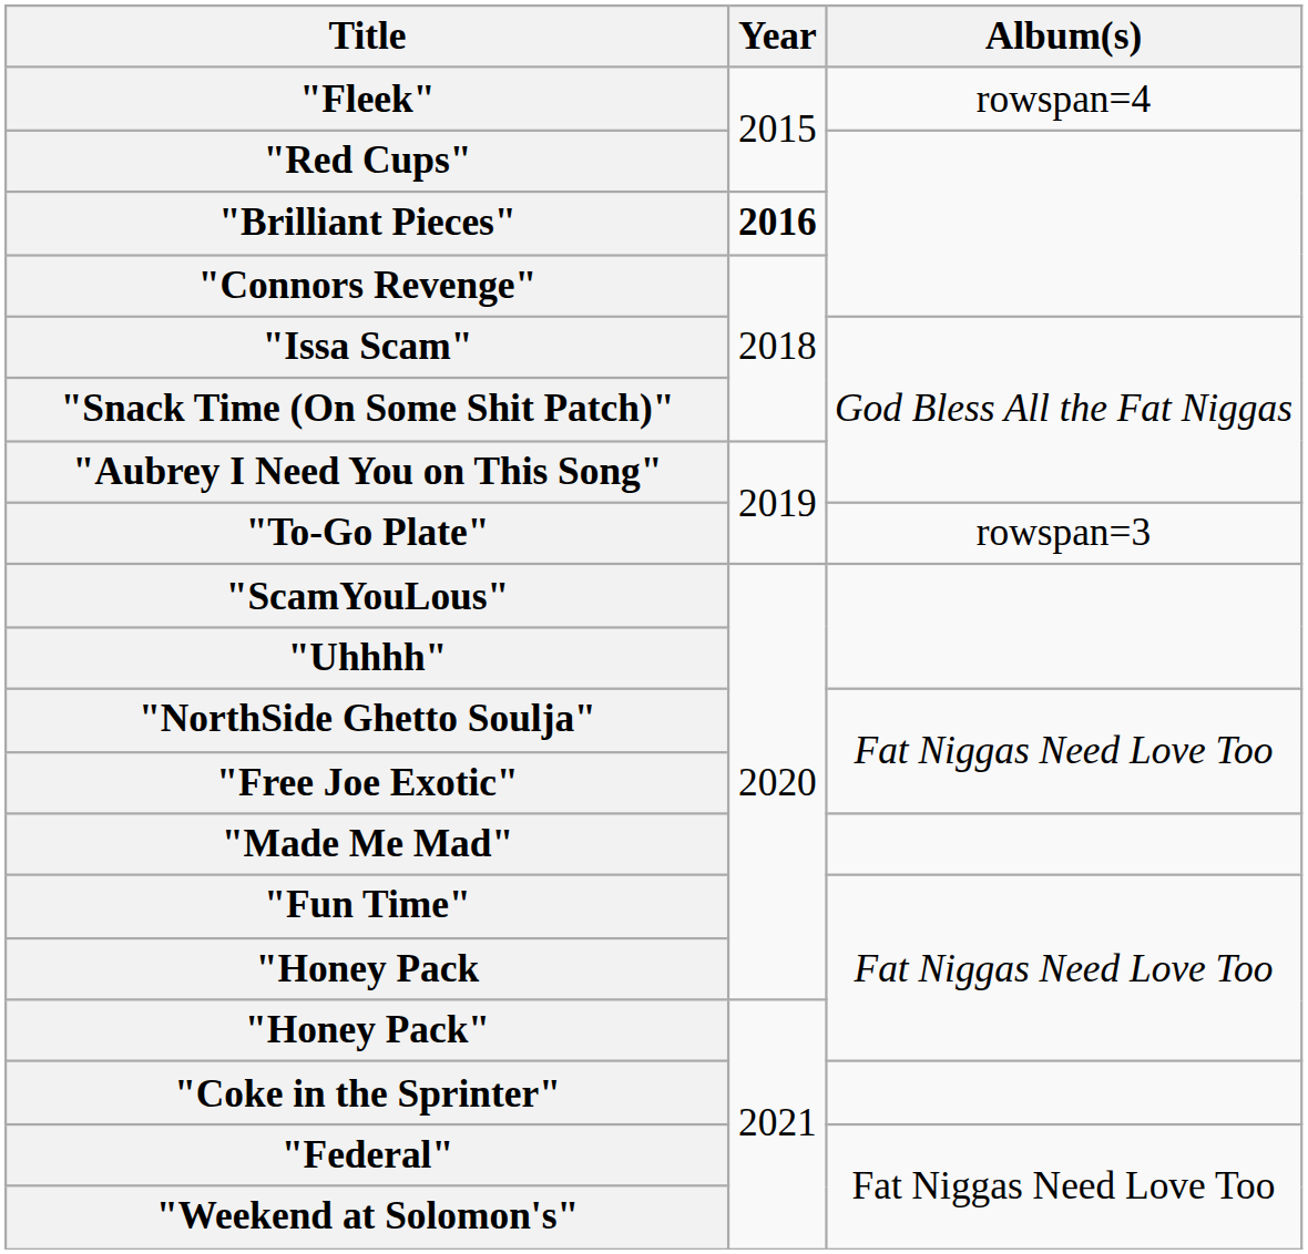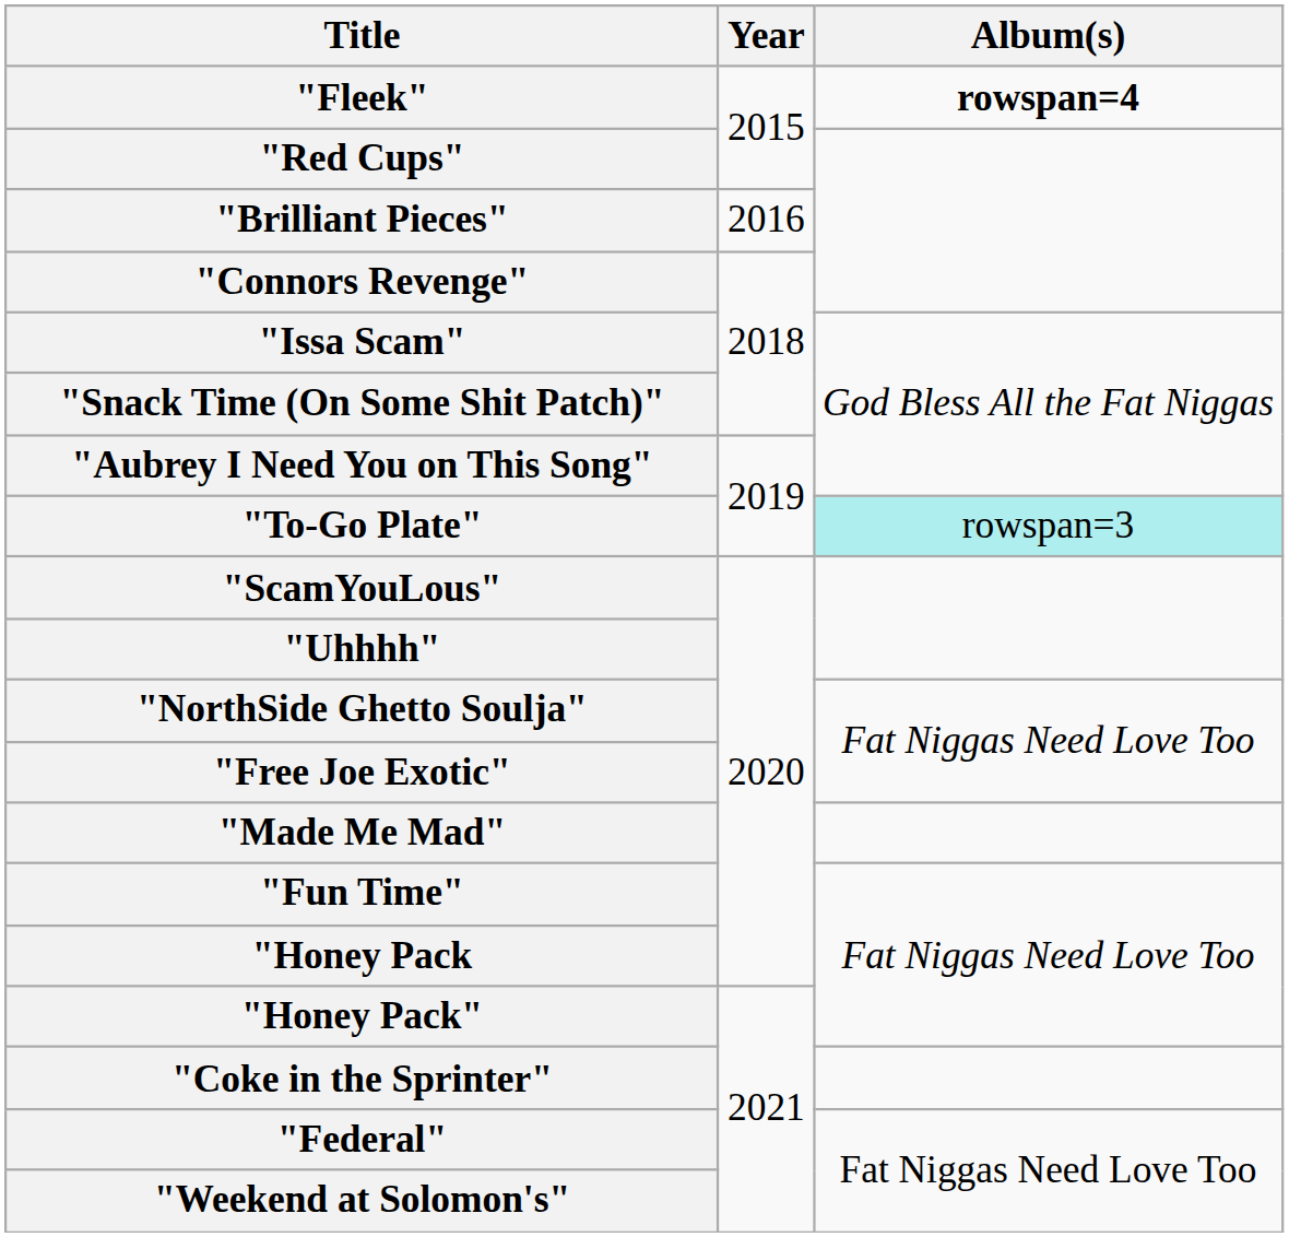 <table class="wikitable plainrowheaders" style="text-align:center;">
 <tr>
 <th scope="col" style="width:18em;">Title</th>
 <th scope="col"  style="width:1em;">Year</th>
 <th scope="col">Album(s)</th>
 </tr>
 <tr>
 <th scope="row">"Fleek"</th>
 <td rowspan=2>2015</td>
-<td>rowspan=4 </td>
+<td><strong>rowspan=4 </strong></td>
 </tr>
 <tr>
 <th scope="row">"Red Cups"</th>
 </tr>
 <tr>
 <th scope="row">"Brilliant Pieces"</th>
-<td rowspan=1><strong>2016</strong></td>
+<td rowspan=1>2016</td>
 </tr>
 <tr>
 <th scope="row">"Connors Revenge"</th>
 <td rowspan=3>2018</td>
 </tr>
 <tr>
 <th scope="row">"Issa Scam"</th>
 <td rowspan=3><em>God Bless All the Fat Niggas</em></td>
 </tr>
 <tr>
 <th scope="row">"Snack Time (On Some Shit Patch)"</th>
 </tr>
 <tr>
 <th scope="row">"Aubrey I Need You on This Song"</th>
 <td rowspan=2>2019</td>
 </tr>
 <tr>
 <th scope="row">"To-Go Plate"</th>
-<td>rowspan=3 </td>
+<td style="background: paleturquoise;">rowspan=3 </td>
 </tr>
 <tr>
 <th scope="row">"ScamYouLous" </th>
 <td rowspan=7>2020</td>
 </tr>
 <tr>
 <th scope="row">"Uhhhh"</th>
 </tr>
 <tr>
 <th scope="row">"NorthSide Ghetto Soulja"</th>
 <td rowspan=2><em>Fat Niggas Need Love Too</em></td>
 </tr>
 <tr>
 <th scope="row">"Free Joe Exotic"</th>
 </tr>
 <tr>
 <th scope="row">"Made Me Mad"</th>
 </tr>
 <tr>
 <th scope="row">"Fun Time" </th>
 <td rowspan=3><em>Fat Niggas Need Love Too</em></td>
 </tr>
 <tr>
 <th scope="row">"Honey Pack<em></th>
 </tr>
 <tr>
 <th scope="row">"Honey Pack" </th>
 <td rowspan=4>2021</td>
 </tr>
 <tr>
 <th scope="row">"Coke in the Sprinter"</th>
 <td></td>
 </tr>
 <tr>
 <th scope="row">"Federal"</th>
 <td rowspan=2></em>Fat Niggas Need Love Too<em></td>
 </tr>
 <tr>
 <th scope="row">"Weekend at Solomon's"</th>
 </tr>
 </table>
